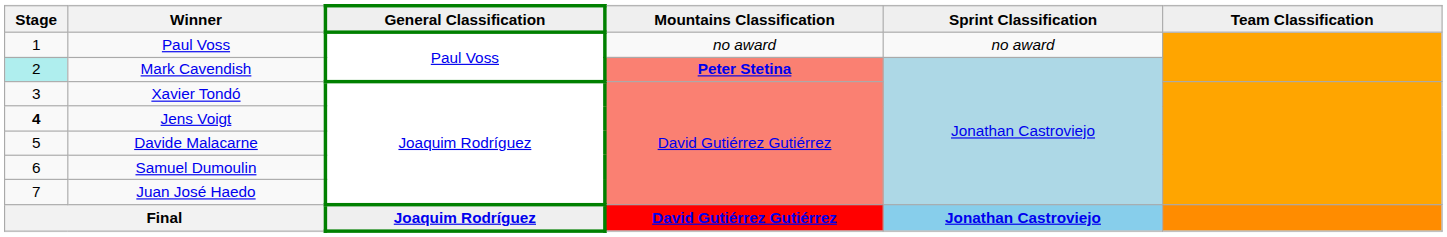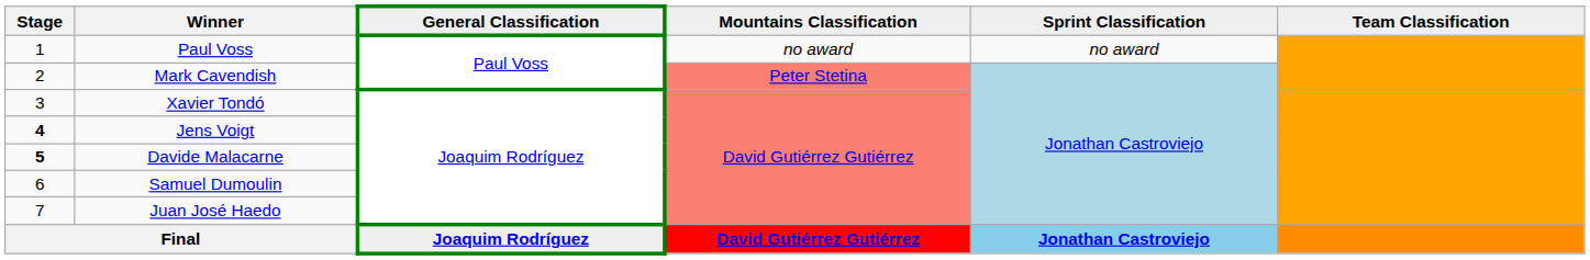 <table class="wikitable" style="text-align: center; font-size:smaller;">
 <tr style="background-color: #efefef;">
 <th width="2%">Stage</th>
 <th width="12%">Winner</th>
 <th style="background:#efefef; border:3px solid green;" width="13%"><strong>General Classification</strong><br></th>
 <th style="background:#efefef;" width="13%"><strong>Mountains Classification</strong><br></th>
 <th style="background:#efefef;" width="13%"><strong>Sprint Classification</strong><br></th>
 <th style="background:#efefef;" width="13%"><strong>Team Classification</strong><br></th>
 </tr>
 <tr>
 <td>1</td>
 <td><a href='#'>Paul Voss</a></td>
 <td style="background:white; border:3px solid green;" rowspan="2"><a href='#'>Paul Voss</a></td>
 <td style="background:offwhite;" rowspan="1"><em>no award</em></td>
 <td style="background:offwhite;" rowspan="1"><em>no award</em></td>
 <td style="background:orange;" rowspan="2"></td>
 </tr>
 <tr>
-<td style="background: paleturquoise;">2</td>
+<td>2</td>
 <td><a href='#'>Mark Cavendish</a></td>
-<td style="background:salmon;" rowspan="1"><strong><a href='#'>Peter Stetina</a></strong></td>
+<td style="background:salmon;" rowspan="1"><a href='#'>Peter Stetina</a></td>
 <td style="background:lightblue;" rowspan="6"><a href='#'>Jonathan Castroviejo</a></td>
 </tr>
 <tr>
 <td>3</td>
 <td><a href='#'>Xavier Tondó</a></td>
 <td style="background:white; border:3px solid green;" rowspan="5"><a href='#'>Joaquim Rodríguez</a></td>
 <td style="background:salmon;" rowspan="5"><a href='#'>David Gutiérrez Gutiérrez</a></td>
 <td style="background:orange;" rowspan="5"></td>
 </tr>
 <tr>
 <td><strong>4</strong></td>
 <td><a href='#'>Jens Voigt</a></td>
 </tr>
 <tr>
-<td>5</td>
+<td><strong>5</strong></td>
 <td><a href='#'>Davide Malacarne</a></td>
 </tr>
 <tr>
 <td>6</td>
 <td><a href='#'>Samuel Dumoulin</a></td>
 </tr>
 <tr>
 <td>7</td>
 <td><a href='#'>Juan José Haedo</a></td>
 </tr>
 <tr>
 <th colspan=2><strong>Final</strong></th>
 <th style="background:#efefef; border:3px solid green;" rowspan="1"><a href='#'>Joaquim Rodríguez</a></th>
 <th style="background:red;"   rowspan="1"><a href='#'>David Gutiérrez Gutiérrez</a></th>
 <th style="background:#87CEEB;" rowspan="1"><a href='#'>Jonathan Castroviejo</a></th>
 <th style="background:#FF8C00;"  rowspan="1"></th>
 </tr>
 </table>
